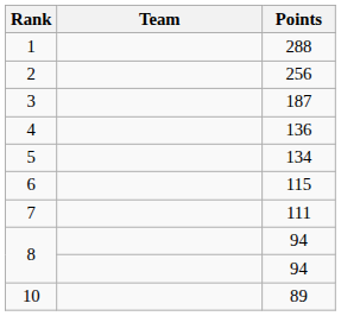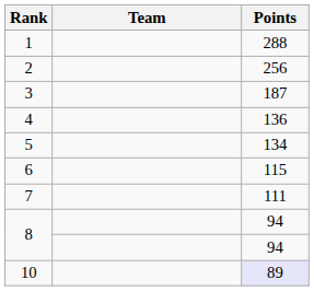 <table class="wikitable" style="text-align:center;">
 <tr>
 <th width=40>Rank</th>
 <th width=180>Team</th>
 <th width=60>Points</th>
 </tr>
 <tr>
 <td>1</td>
 <td align=left></td>
 <td>288</td>
 </tr>
 <tr>
 <td>2</td>
 <td align=left></td>
 <td>256</td>
 </tr>
 <tr>
 <td>3</td>
 <td align=left></td>
 <td>187</td>
 </tr>
 <tr>
 <td>4</td>
 <td align=left></td>
 <td>136</td>
 </tr>
 <tr>
 <td>5</td>
 <td align=left></td>
 <td>134</td>
 </tr>
 <tr>
 <td>6</td>
 <td align=left></td>
 <td>115</td>
 </tr>
 <tr>
 <td>7</td>
 <td align=left></td>
 <td>111</td>
 </tr>
 <tr>
 <td rowspan=2>8</td>
 <td align=left></td>
 <td>94</td>
 </tr>
 <tr>
 <td align=left></td>
 <td>94</td>
 </tr>
 <tr>
 <td>10</td>
 <td align=left></td>
-<td>89</td>
+<td style="background: lavender;">89</td>
 </tr>
 </table>
